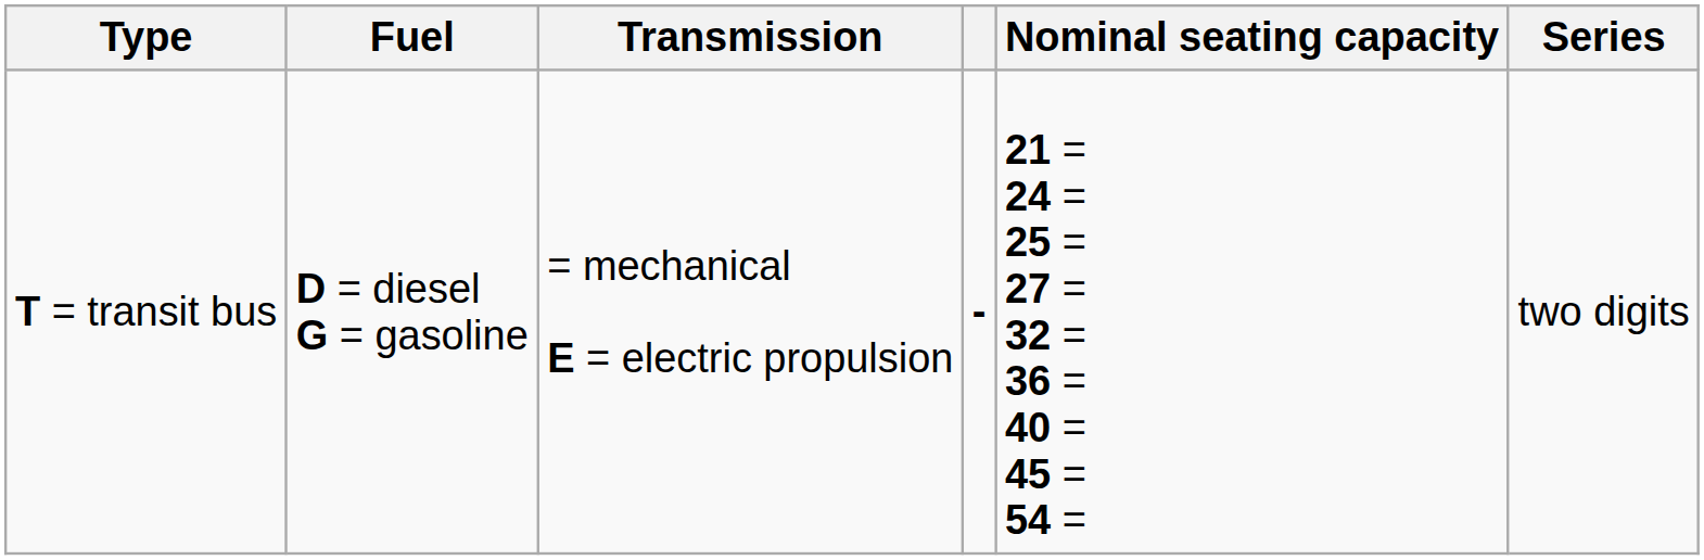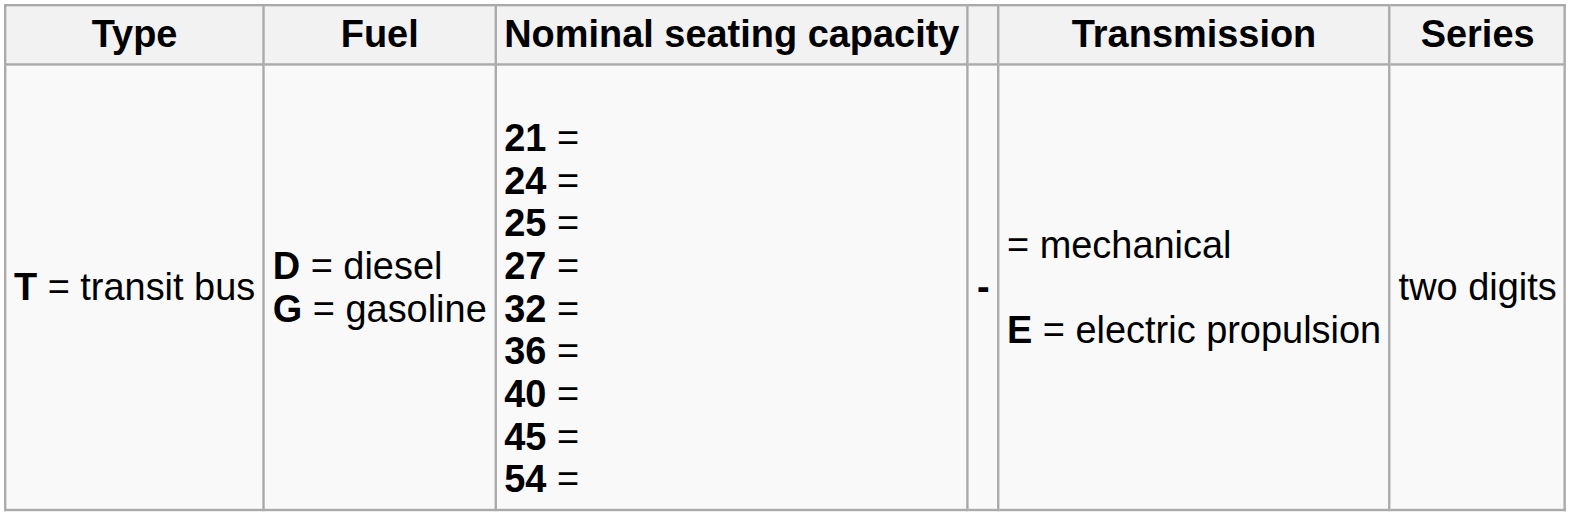 <table class="wikitable">
 <tr>
 <th>Type</th>
 <th>Fuel</th>
+<th>Nominal seating capacity</th>
+<th></th>
 <th>Transmission</th>
-<th></th>
-<th>Nominal seating capacity</th>
 <th>Series</th>
 </tr>
 <tr>
 <td><strong>T</strong> = transit bus</td>
 <td nowrap><strong>D</strong> = diesel<br><strong>G</strong> = gasoline</td>
+<td nowrap><br><strong>21</strong> = <br> <strong>24</strong> = <br> <strong>25</strong> = <br> <strong>27</strong> = <br> <strong>32</strong> = <br> <strong>36</strong> = <br> <strong>40</strong> = <br> <strong>45</strong> = <br> <strong>54</strong> = </td>
+<td><strong>-</strong></td>
 <td> = mechanical<br><br><strong>E</strong> = electric propulsion</td>
-<td><strong>-</strong></td>
-<td nowrap><br><strong>21</strong> = <br> <strong>24</strong> = <br> <strong>25</strong> = <br> <strong>27</strong> = <br> <strong>32</strong> = <br> <strong>36</strong> = <br> <strong>40</strong> = <br> <strong>45</strong> = <br> <strong>54</strong> = </td>
 <td nowrap>two digits</td>
 </tr>
 </table>
